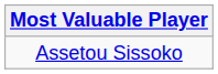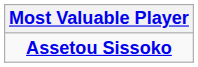 <table class=wikitable style="text-align:center; margin:auto">
 <tr>
 <th><a href='#'>Most Valuable Player</a></th>
 </tr>
 <tr>
-<td> <a href='#'>Assetou Sissoko</a></td>
+<td><strong> <a href='#'>Assetou Sissoko</a></strong></td>
 </tr>
 </table>
